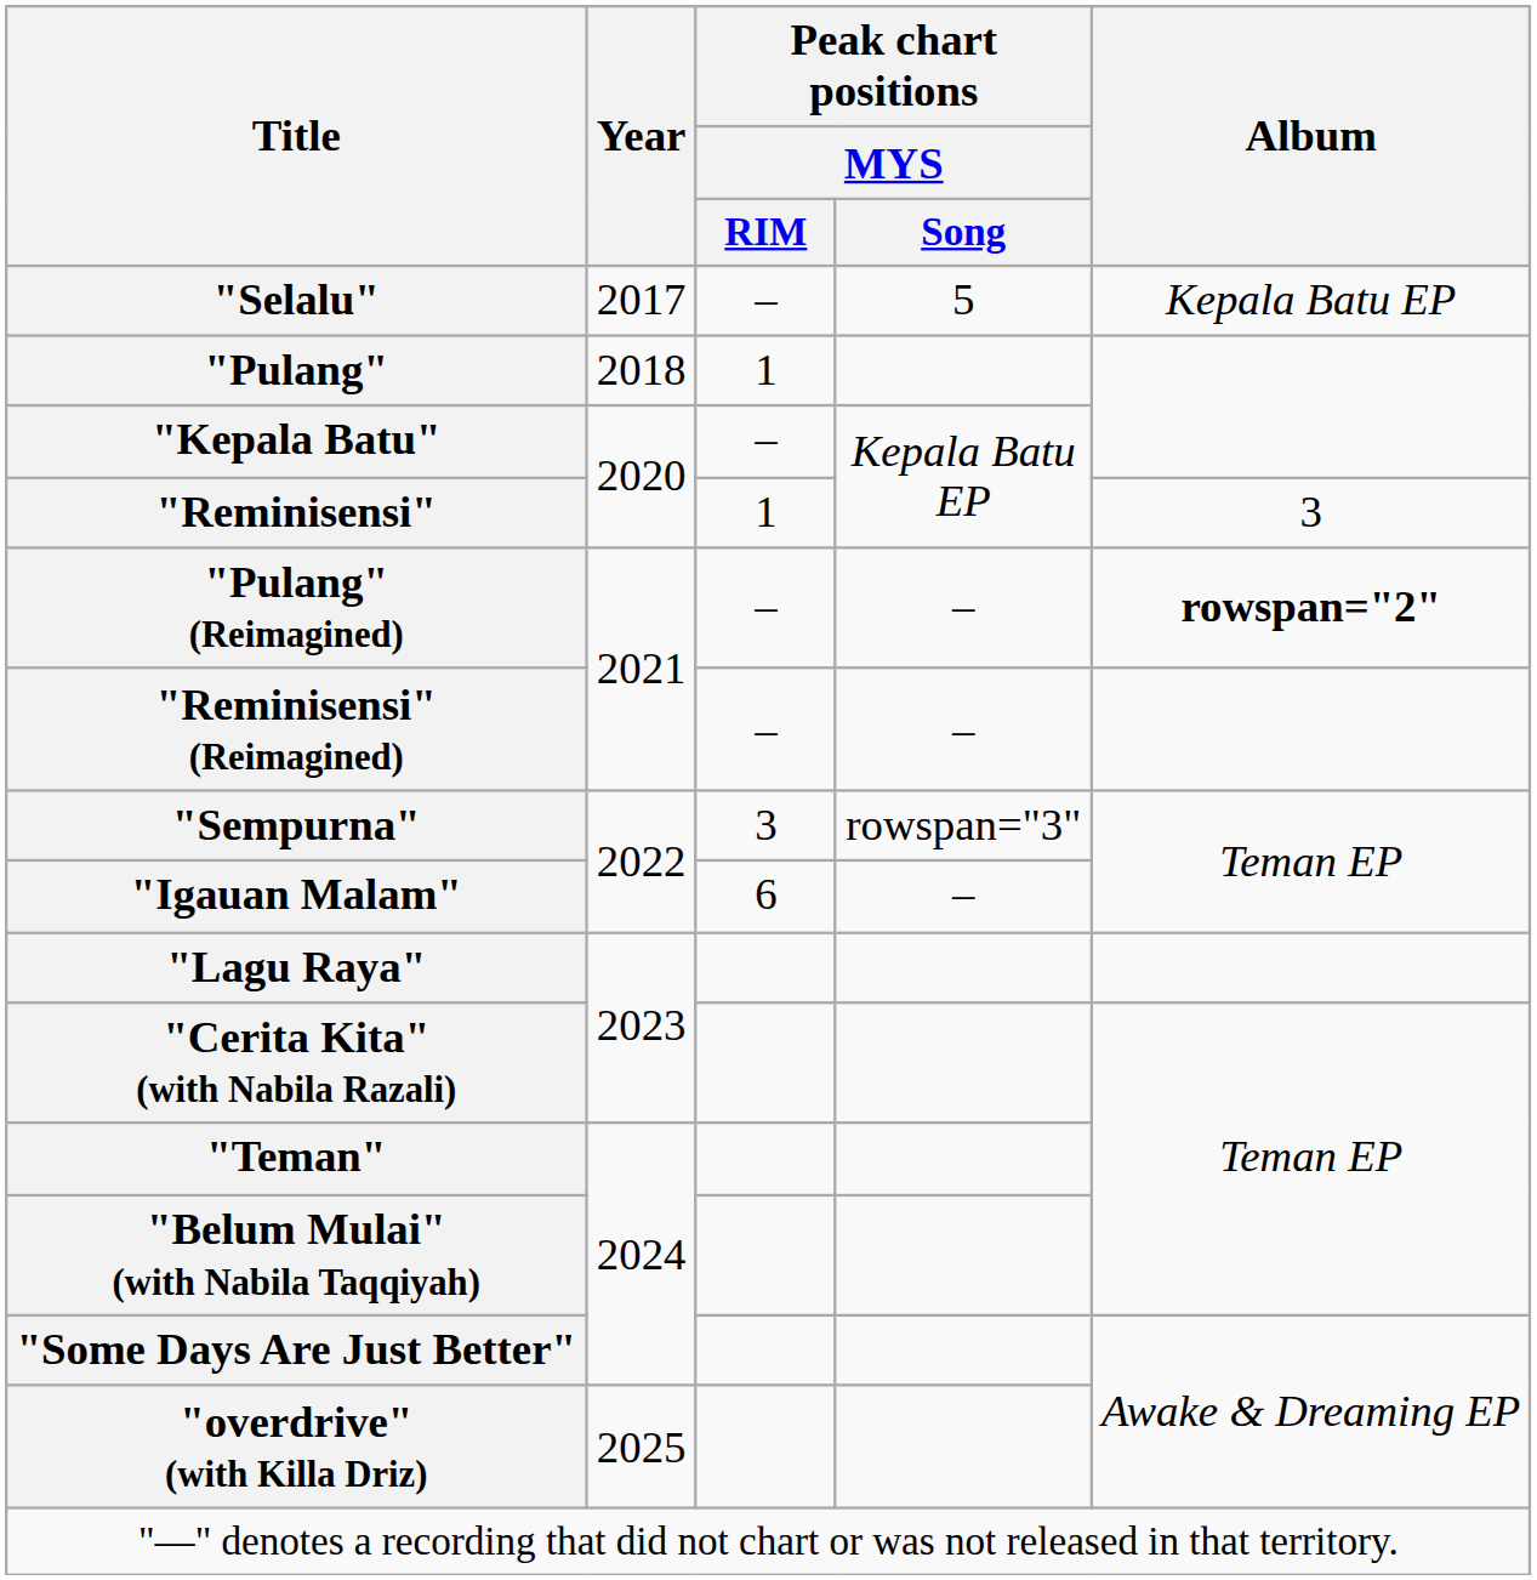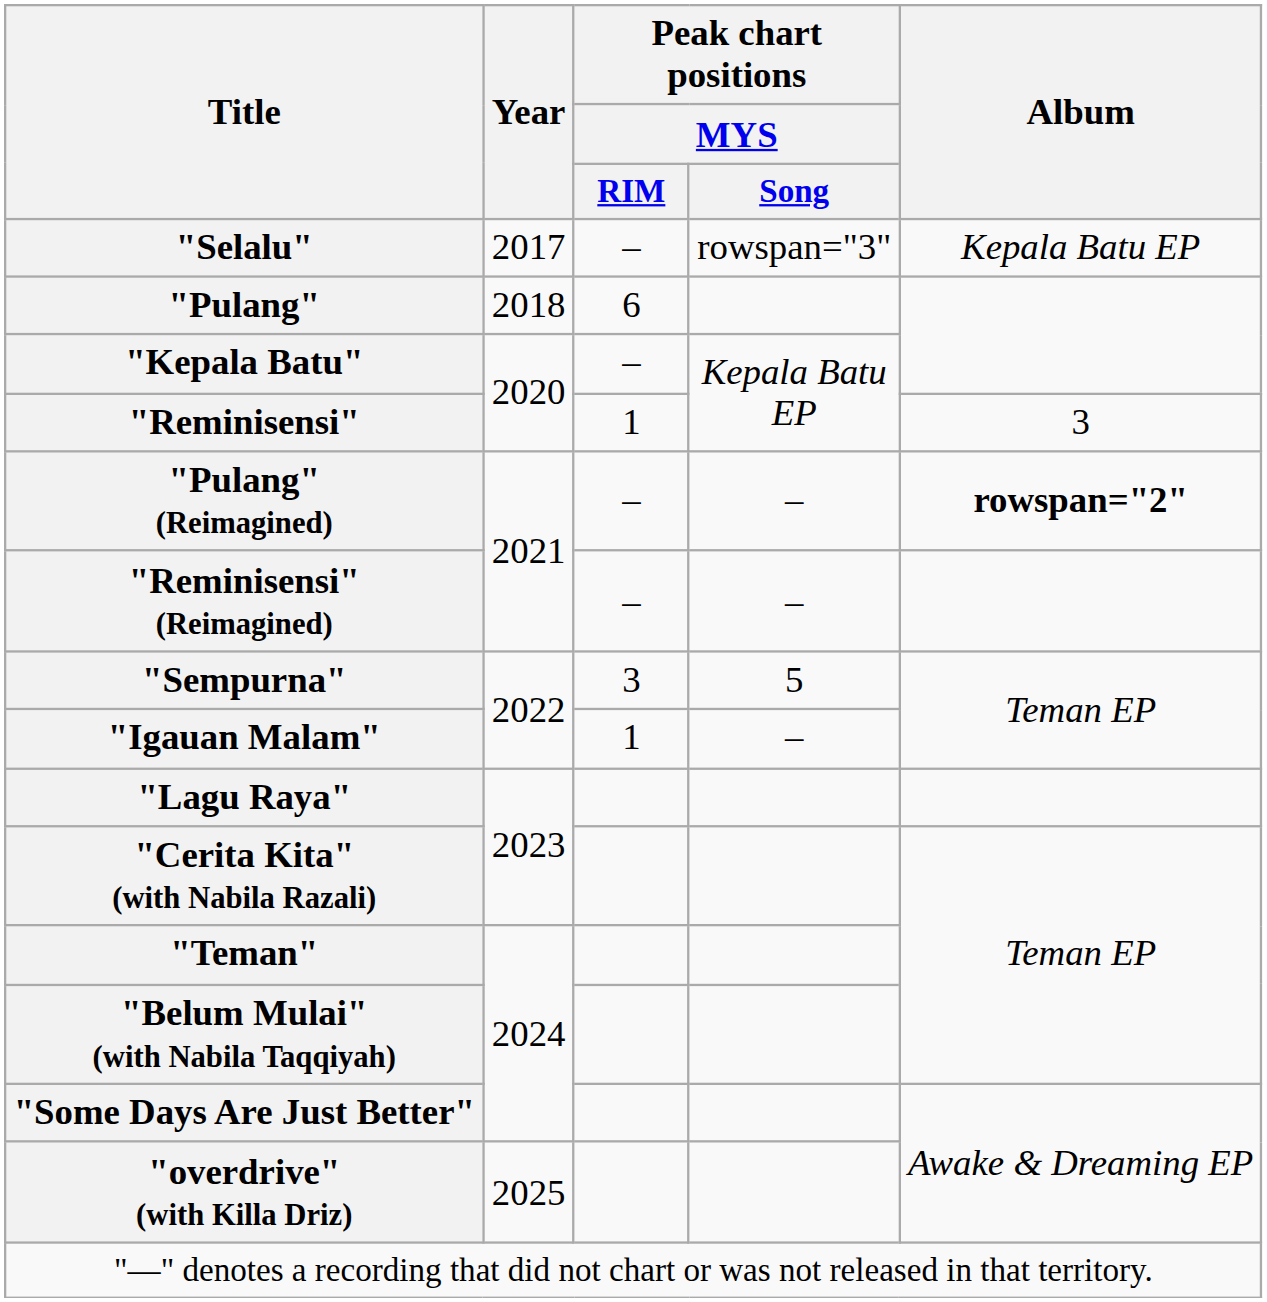 <table class="wikitable plainrowheaders" style="text-align:center;">
 <tr>
 <th rowspan="3">Title</th>
 <th rowspan="3">Year</th>
 <th colspan="2">Peak chart positions</th>
 <th rowspan="3">Album</th>
 </tr>
 <tr>
 <th colspan="2"><a href='#'>MYS</a></th>
 </tr>
 <tr>
 <th scope="col" style="width:3em;font-size:90%;"><a href='#'>RIM</a><br></th>
 <th scope="col" style="width:3em;font-size:90%;"><a href='#'>Song</a><br></th>
 </tr>
 <tr>
 <th scope="row">"Selalu"</th>
 <td>2017</td>
 <td>–</td>
-<td>5</td>
+<td>rowspan="3" </td>
 <td><em>Kepala Batu EP</em></td>
 </tr>
 <tr>
 <th scope="row">"Pulang"</th>
 <td>2018</td>
-<td>1</td>
+<td>6</td>
 <td></td>
 </tr>
 <tr>
 <th scope="row">"Kepala Batu"</th>
 <td rowspan="2">2020</td>
 <td>–</td>
 <td rowspan="2"><em>Kepala Batu EP</em></td>
 </tr>
 <tr>
 <th scope="row">"Reminisensi"</th>
 <td>1</td>
 <td>3</td>
 </tr>
 <tr>
 <th scope="row">"Pulang"<br><small>(Reimagined)</small></th>
 <td rowspan="2">2021</td>
 <td>–</td>
 <td>–</td>
 <td><strong>rowspan="2" </strong></td>
 </tr>
 <tr>
 <th scope="row">"Reminisensi"<br><small>(Reimagined)</small></th>
 <td>–</td>
 <td>–</td>
 </tr>
 <tr>
 <th scope="row">"Sempurna"</th>
 <td rowspan="2">2022</td>
 <td>3</td>
-<td>rowspan="3" </td>
+<td>5</td>
 <td rowspan="2"><em>Teman EP</em></td>
 </tr>
 <tr>
 <th scope="row">"Igauan Malam"</th>
-<td>6</td>
+<td>1</td>
 <td>–</td>
 </tr>
 <tr>
 <th scope="row">"Lagu Raya"</th>
 <td rowspan="2">2023</td>
 <td></td>
 <td></td>
 <td></td>
 </tr>
 <tr>
 <th scope="row">"Cerita Kita" <br><small>(with Nabila Razali)</small></th>
 <td></td>
 <td></td>
 <td rowspan="3"><em>Teman EP</em></td>
 </tr>
 <tr>
 <th scope="row">"Teman"</th>
 <td rowspan="3">2024</td>
 <td></td>
 <td></td>
 </tr>
 <tr>
 <th scope="row">"Belum Mulai" <br><small>(with Nabila Taqqiyah)</small></th>
 <td></td>
 <td></td>
 </tr>
 <tr>
 <th scope="row">"Some Days Are Just Better"</th>
 <td></td>
 <td></td>
 <td rowspan="2"><em>Awake & Dreaming EP</em></td>
 </tr>
 <tr>
 <th scope="row">"overdrive" <br><small>(with Killa Driz)</small></th>
 <td>2025</td>
 <td></td>
 <td></td>
 </tr>
 <tr>
 <td colspan="5" style="font-size:90%">"—" denotes a recording that did not chart or was not released in that territory.</td>
 </tr>
 </table>
